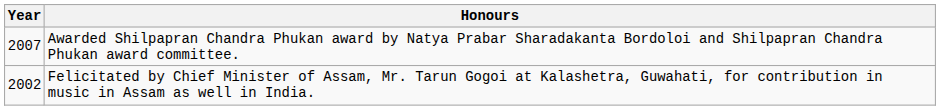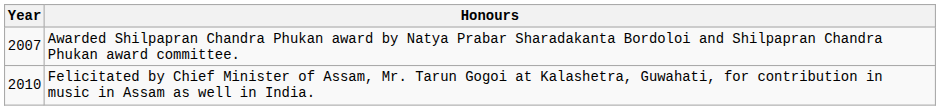 <table class="wikitable sortable">
 <tr>
 <th>Year</th>
 <th>Honours</th>
 </tr>
 <tr>
 <td>2007</td>
 <td>Awarded Shilpapran Chandra Phukan award by Natya Prabar Sharadakanta Bordoloi and Shilpapran Chandra Phukan award committee.</td>
 </tr>
 <tr>
-<td>2002</td>
+<td>2010</td>
 <td>Felicitated by Chief Minister of Assam, Mr. Tarun Gogoi at Kalashetra, Guwahati, for contribution in music in Assam as well in India.</td>
 </tr>
 </table>
